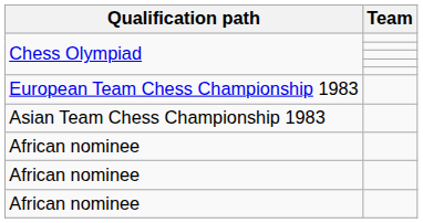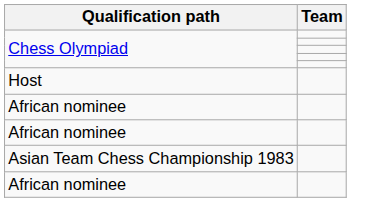 <table class="wikitable" style="text-align: left;">
 <tr>
 <th>Qualification path</th>
 <th>Team</th>
 </tr>
 <tr>
 <td rowspan=5><a href='#'>Chess Olympiad</a></td>
 <td><strong></strong></td>
 </tr>
 <tr>
 <td><strong></strong></td>
 </tr>
 <tr>
 <td><strong></strong></td>
 </tr>
 <tr>
 <td><strong></strong></td>
 </tr>
 <tr>
 <td><strong></strong></td>
 </tr>
 <tr>
-<td><a href='#'>European Team Chess Championship</a> 1983</td>
-<td><strong></strong></td>
-</tr>
-<tr>
-<td>Asian Team Chess Championship 1983</td>
+<td>Host</td>
 <td><strong></strong></td>
 </tr>
 <tr>
 <td>African nominee</td>
 <td><strong></strong></td>
 </tr>
 <tr>
 <td>African nominee</td>
 <td><strong></strong></td>
 </tr>
 <tr>
+<td>Asian Team Chess Championship 1983</td>
+<td><strong></strong></td>
+</tr>
+<tr>
 <td>African nominee</td>
 <td><strong></strong></td>
 </tr>
 </table>
